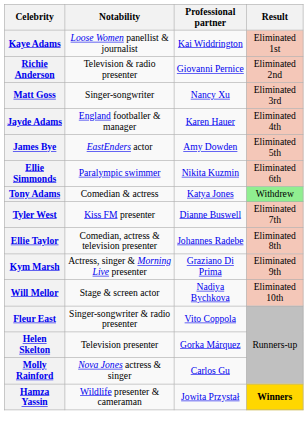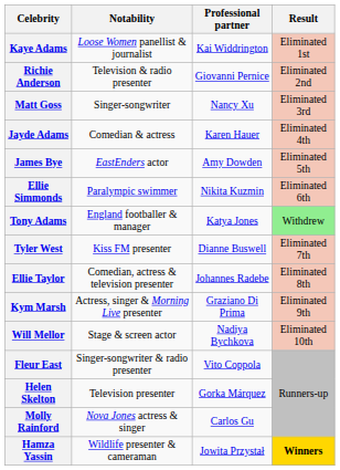 <table class="wikitable sortable" style="text-align:center; width:80%">
 <tr>
 <th scope="col">Celebrity</th>
 <th scope="col" class="unsortable">Notability</th>
 <th scope="col">Professional partner</th>
 <th scope="col">Result</th>
 </tr>
 <tr>
 <th scope="row"><a href='#'>Kaye Adams</a></th>
 <td><em><a href='#'>Loose Women</a></em> panellist & journalist</td>
 <td><a href='#'>Kai Widdrington</a></td>
 <td bgcolor="f4c7b8">Eliminated 1st</td>
 </tr>
 <tr>
 <th scope="row"><a href='#'>Richie Anderson</a></th>
 <td>Television & radio presenter</td>
 <td><a href='#'>Giovanni Pernice</a></td>
 <td bgcolor="f4c7b8">Eliminated 2nd</td>
 </tr>
 <tr>
 <th scope="row"><a href='#'>Matt Goss</a></th>
 <td>Singer-songwriter</td>
 <td><a href='#'>Nancy Xu</a></td>
 <td bgcolor="f4c7b8">Eliminated 3rd</td>
 </tr>
 <tr>
 <th scope="row"><a href='#'>Jayde Adams</a></th>
-<td><a href='#'>England</a> footballer & manager</td>
+<td>Comedian & actress</td>
 <td><a href='#'>Karen Hauer</a></td>
 <td bgcolor="f4c7b8">Eliminated 4th</td>
 </tr>
 <tr>
 <th scope="row"><a href='#'>James Bye</a></th>
 <td><em><a href='#'>EastEnders</a></em> actor</td>
 <td><a href='#'>Amy Dowden</a></td>
 <td bgcolor="f4c7b8">Eliminated 5th</td>
 </tr>
 <tr>
 <th scope="row"><a href='#'>Ellie Simmonds</a></th>
 <td><a href='#'>Paralympic swimmer</a></td>
 <td><a href='#'>Nikita Kuzmin</a></td>
 <td bgcolor="f4c7b8">Eliminated 6th</td>
 </tr>
 <tr>
 <th scope="row"><a href='#'>Tony Adams</a></th>
-<td>Comedian & actress</td>
+<td><a href='#'>England</a> footballer & manager</td>
 <td><a href='#'>Katya Jones</a></td>
 <td style="background:lightgreen">Withdrew</td>
 </tr>
 <tr>
 <th scope="row"><a href='#'>Tyler West</a></th>
 <td><a href='#'>Kiss FM</a> presenter</td>
 <td><a href='#'>Dianne Buswell</a></td>
 <td bgcolor="f4c7b8">Eliminated 7th</td>
 </tr>
 <tr>
 <th scope="row"><a href='#'>Ellie Taylor</a></th>
 <td>Comedian, actress & television presenter</td>
 <td><a href='#'>Johannes Radebe</a></td>
 <td bgcolor="f4c7b8">Eliminated 8th</td>
 </tr>
 <tr>
 <th scope="row"><a href='#'>Kym Marsh</a></th>
 <td>Actress, singer & <em><a href='#'>Morning Live</a></em> presenter</td>
 <td><a href='#'>Graziano Di Prima</a></td>
 <td bgcolor="f4c7b8">Eliminated 9th</td>
 </tr>
 <tr>
 <th scope="row"><a href='#'>Will Mellor</a></th>
 <td>Stage & screen actor</td>
 <td><a href='#'>Nadiya Bychkova</a></td>
 <td bgcolor="f4c7b8">Eliminated 10th</td>
 </tr>
 <tr>
 <th scope="row"><a href='#'>Fleur East</a></th>
 <td>Singer-songwriter & radio presenter</td>
 <td><a href='#'>Vito Coppola</a></td>
 <td rowspan="3" bgcolor="silver">Runners-up</td>
 </tr>
 <tr>
 <th scope="row"><a href='#'>Helen Skelton</a></th>
 <td>Television presenter</td>
 <td><a href='#'>Gorka Márquez</a></td>
 </tr>
 <tr>
 <th scope="row"><a href='#'>Molly Rainford</a></th>
 <td><em><a href='#'>Nova Jones</a></em> actress & singer</td>
 <td><a href='#'>Carlos Gu</a></td>
 </tr>
 <tr>
 <th scope="row"><a href='#'>Hamza Yassin</a></th>
 <td><a href='#'>Wildlife</a> presenter & cameraman</td>
 <td><a href='#'>Jowita Przystał</a></td>
 <td bgcolor="gold"><strong>Winners</strong></td>
 </tr>
 </table>
